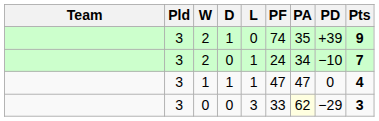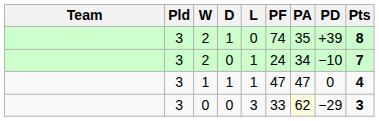 <table class="wikitable" style="text-align:center;">
 <tr>
 <th width=175>Team</th>
 <th width=20 abbr="Played">Pld</th>
 <th width=20 abbr="Won">W</th>
 <th width=20 abbr="Drawn">D</th>
 <th width=20 abbr="Lost">L</th>
 <th width=20 abbr="Points for">PF</th>
 <th width=20 abbr="Points against">PA</th>
 <th width=25 abbr="Points difference">PD</th>
 <th width=20 abbr="Points">Pts</th>
 </tr>
 <tr bgcolor=ccffcc>
 <td align=left></td>
 <td>3</td>
 <td>2</td>
 <td>1</td>
 <td>0</td>
 <td>74</td>
 <td>35</td>
 <td>+39</td>
-<td><strong>9</strong></td>
+<td><strong>8</strong></td>
 </tr>
 <tr bgcolor=ccffcc>
 <td align=left></td>
 <td>3</td>
 <td>2</td>
 <td>0</td>
 <td>1</td>
 <td>24</td>
 <td>34</td>
 <td>−10</td>
 <td><strong>7</strong></td>
 </tr>
 <tr>
 <td align=left></td>
 <td>3</td>
 <td>1</td>
 <td>1</td>
 <td>1</td>
 <td>47</td>
 <td>47</td>
 <td>0</td>
 <td><strong>4</strong></td>
 </tr>
 <tr>
 <td align=left></td>
 <td>3</td>
 <td>0</td>
 <td>0</td>
 <td>3</td>
 <td>33</td>
 <td style="background: lightyellow;">62</td>
 <td>−29</td>
 <td><strong>3</strong></td>
 </tr>
 </table>
